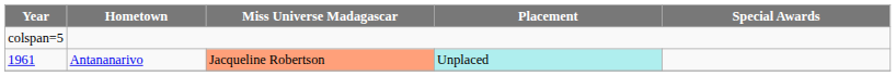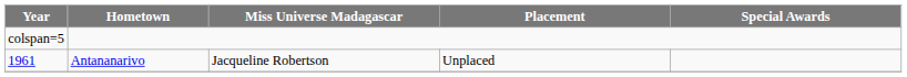 <table class="wikitable " style="font-size: 95%;">
 <tr>
 <th width="30" style="background-color:#787878;color:#FFFFFF;">Year</th>
 <th width="150" style="background-color:#787878;color:#FFFFFF;">Hometown</th>
 <th width="250" style="background-color:#787878;color:#FFFFFF;">Miss Universe Madagascar</th>
 <th width="250" style="background-color:#787878;color:#FFFFFF;">Placement</th>
 <th width="250" style="background-color:#787878;color:#FFFFFF;">Special Awards</th>
 </tr>
 <tr>
 <td>colspan=5 </td>
 </tr>
 <tr>
 <td><a href='#'>1961</a></td>
 <td><a href='#'>Antananarivo</a></td>
-<td style="background: lightsalmon;">Jacqueline Robertson</td>
-<td style="background: paleturquoise;">Unplaced</td>
+<td>Jacqueline Robertson</td>
+<td>Unplaced</td>
 <td></td>
 </tr>
 <tr>
 </tr>
 </table>
